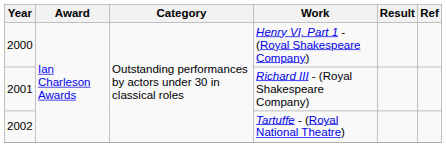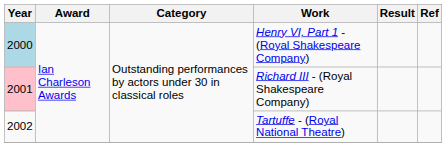 <table class="wikitable">
 <tr>
 <th>Year</th>
 <th>Award</th>
 <th>Category</th>
 <th>Work</th>
 <th>Result</th>
 <th>Ref</th>
 </tr>
 <tr>
-<td align=center>2000</td>
+<td align=center style="background: lightblue;">2000</td>
 <td rowspan="3"><a href='#'>Ian Charleson Awards</a></td>
 <td rowspan="3">Outstanding performances by actors under 30 in classical roles</td>
 <td align=left><em><a href='#'>Henry VI, Part 1</a></em> - (<a href='#'>Royal Shakespeare Company</a>)</td>
 <td></td>
 <td style="text-align:center;"></td>
 </tr>
 <tr>
-<td align=center>2001</td>
+<td align=center style="background: pink;">2001</td>
 <td align=left><em><a href='#'>Richard III</a></em> - (Royal Shakespeare Company)</td>
 <td></td>
 <td style="text-align:center;"></td>
 </tr>
 <tr>
 <td align=center>2002</td>
 <td align=left><em><a href='#'>Tartuffe</a></em> - (<a href='#'>Royal National Theatre</a>)</td>
 <td></td>
 <td style="text-align:center;"></td>
 </tr>
 <tr>
 </tr>
 </table>
